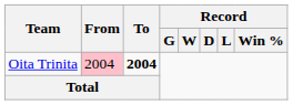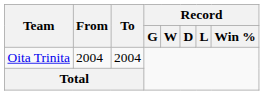 <table class="wikitable" style="text-align: center">
 <tr>
 <th rowspan="2">Team</th>
 <th rowspan="2">From</th>
 <th rowspan="2">To</th>
 <th colspan="5">Record</th>
 </tr>
 <tr>
 <th>G</th>
 <th>W</th>
 <th>D</th>
 <th>L</th>
 <th>Win %</th>
 </tr>
 <tr>
 <td align="left"><a href='#'>Oita Trinita</a></td>
-<td align="left" style="background: pink;">2004</td>
-<td align="left"><strong>2004<br></strong></td>
+<td align="left">2004</td>
+<td align="left">2004<br></td>
 </tr>
 <tr>
 <th colspan="3">Total<br></th>
 </tr>
 </table>
